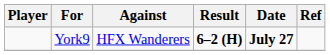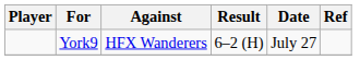 <table class="wikitable">
 <tr>
 <th>Player</th>
 <th>For</th>
 <th>Against</th>
 <th>Result</th>
 <th>Date</th>
 <th>Ref</th>
 </tr>
 <tr>
 <td> </td>
 <td><a href='#'>York9</a></td>
 <td><a href='#'>HFX Wanderers</a></td>
-<td><strong>6–2 (H)</strong></td>
-<td><strong>July 27</strong></td>
+<td>6–2 (H)</td>
+<td>July 27</td>
 <td></td>
 </tr>
 <tr>
 </tr>
 </table>
